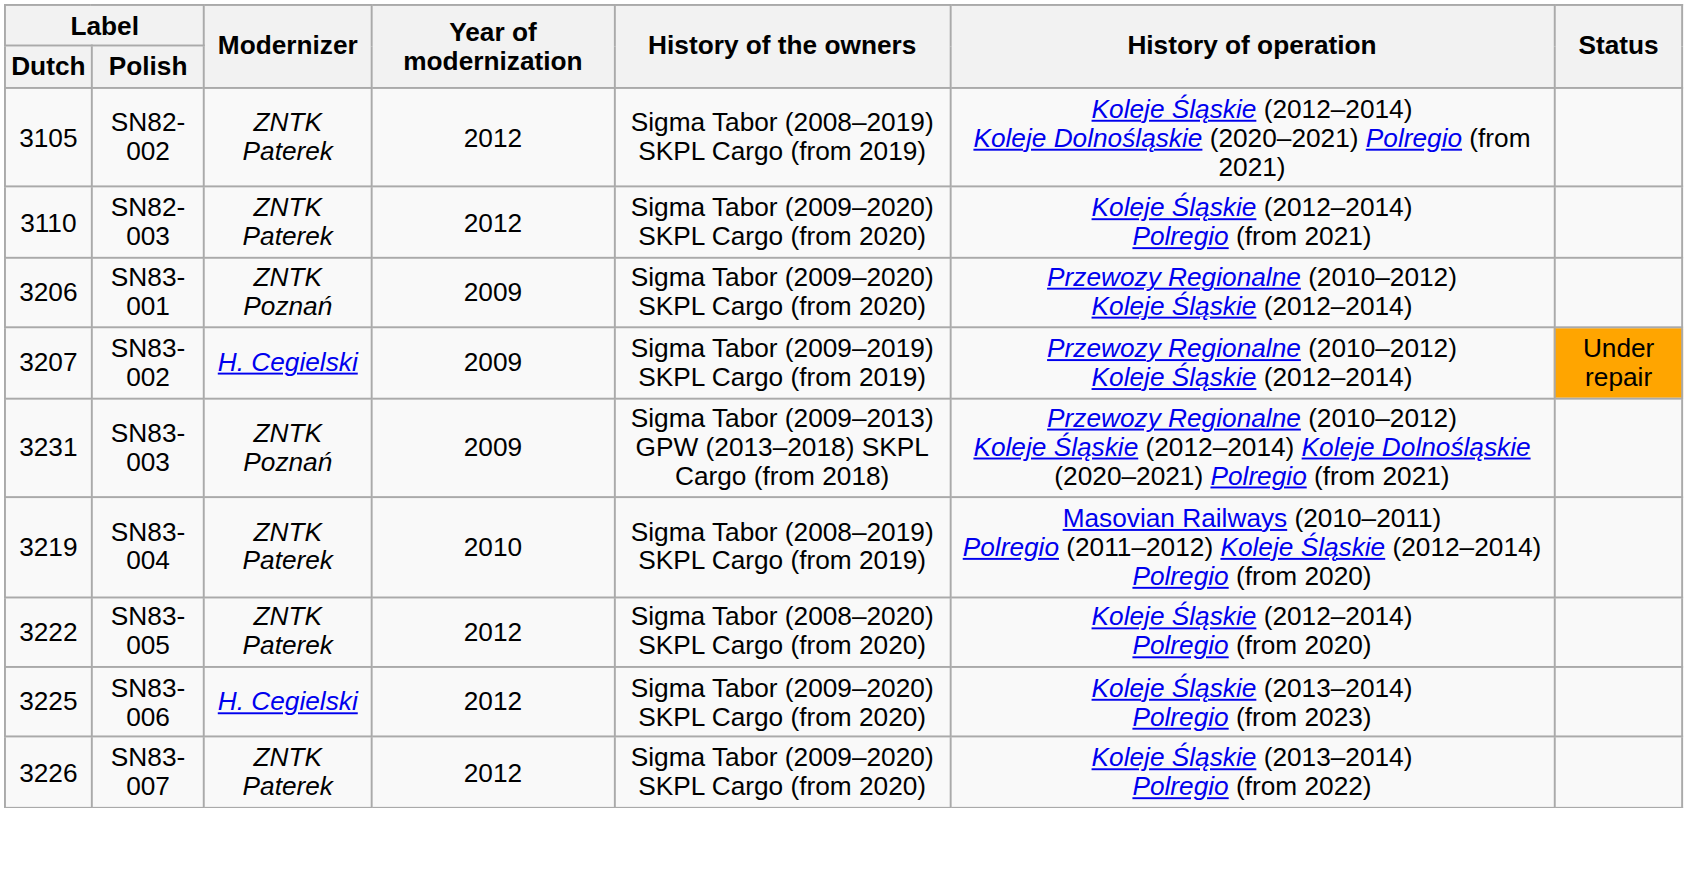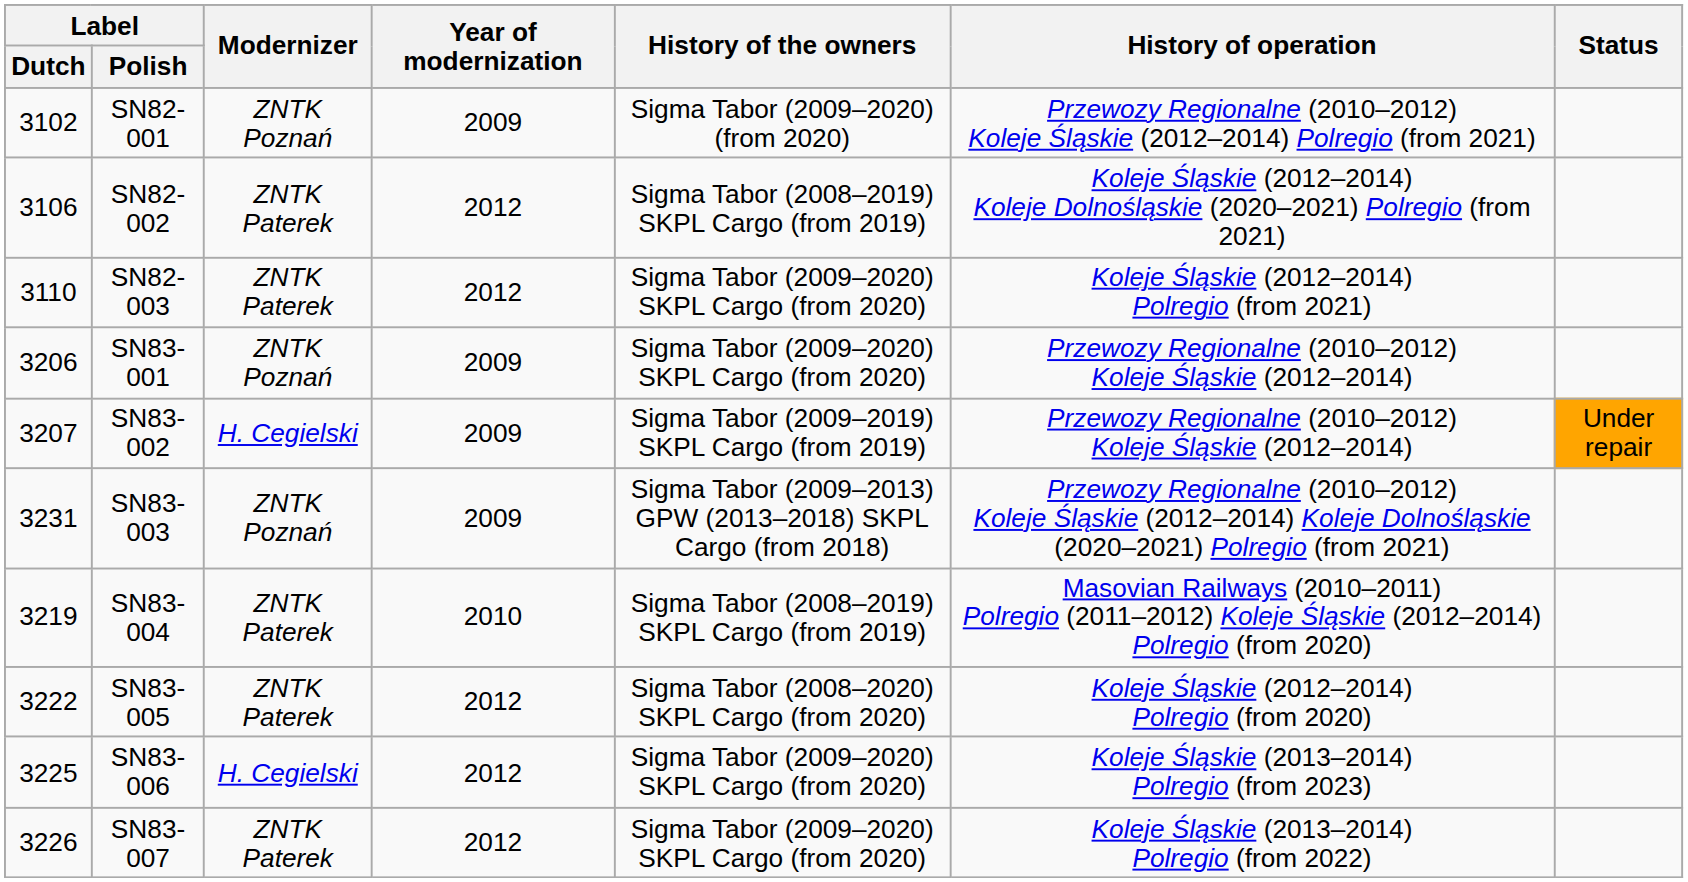 <table class="wikitable sortable" style="text-align:center; font-size:85%;">
 <tr>
 <th colspan="2">Label</th>
 <th rowspan="2">Modernizer</th>
 <th rowspan="2">Year of modernization</th>
 <th rowspan="2">History of the owners</th>
 <th rowspan="2">History of operation</th>
 <th rowspan="2">Status</th>
 </tr>
 <tr>
 <th>Dutch</th>
 <th>Polish</th>
 </tr>
 <tr>
-<td>3105</td>
+<td>3102</td>
+<td>SN82-001</td>
+<td><em>ZNTK Poznań</em></td>
+<td>2009</td>
+<td>Sigma Tabor (2009–2020)<br> (from 2020)</td>
+<td><em><a href='#'>Przewozy Regionalne</a></em> (2010–2012)<br><em><a href='#'>Koleje Śląskie</a></em> (2012–2014) <em><a href='#'>Polregio</a></em> (from 2021)</td>
+<td></td>
+</tr>
+<tr>
+<td>3106</td>
 <td>SN82-002</td>
 <td><em>ZNTK Paterek</em></td>
 <td>2012</td>
 <td>Sigma Tabor (2008–2019)<br>SKPL Cargo (from 2019)</td>
 <td><em><a href='#'>Koleje Śląskie</a></em> (2012–2014)<br><em><a href='#'>Koleje Dolnośląskie</a></em> (2020–2021) <em><a href='#'>Polregio</a></em> (from 2021)</td>
 <td></td>
 </tr>
 <tr>
 <td>3110</td>
 <td>SN82-003</td>
 <td><em>ZNTK Paterek</em></td>
 <td>2012</td>
 <td>Sigma Tabor (2009–2020)<br>SKPL Cargo (from 2020)</td>
 <td><em><a href='#'>Koleje Śląskie</a></em> (2012–2014)<br><em><a href='#'>Polregio</a></em> (from 2021)</td>
 <td></td>
 </tr>
 <tr>
 <td>3206</td>
 <td>SN83-001</td>
 <td><em>ZNTK Poznań</em></td>
 <td>2009</td>
 <td>Sigma Tabor (2009–2020)<br>SKPL Cargo (from 2020)</td>
 <td><em><a href='#'>Przewozy Regionalne</a></em> (2010–2012)<br><em><a href='#'>Koleje Śląskie</a></em> (2012–2014)</td>
 <td></td>
 </tr>
 <tr>
 <td>3207</td>
 <td>SN83-002</td>
 <td><em><a href='#'>H. Cegielski</a></em></td>
 <td>2009</td>
 <td>Sigma Tabor (2009–2019)<br>SKPL Cargo (from 2019)</td>
 <td><em><a href='#'>Przewozy Regionalne</a></em> (2010–2012)<br><em><a href='#'>Koleje Śląskie</a></em> (2012–2014)</td>
 <td style="background:Orange">Under repair</td>
 </tr>
 <tr>
 <td>3231</td>
 <td>SN83-003</td>
 <td><em>ZNTK Poznań</em></td>
 <td>2009</td>
 <td>Sigma Tabor (2009–2013)<br>GPW (2013–2018) SKPL Cargo (from 2018)</td>
 <td><em><a href='#'>Przewozy Regionalne</a></em> (2010–2012)<br><em><a href='#'>Koleje Śląskie</a></em> (2012–2014) <em><a href='#'>Koleje Dolnośląskie</a></em> (2020–2021) <em><a href='#'>Polregio</a></em> (from 2021)</td>
 <td></td>
 </tr>
 <tr>
 <td>3219</td>
 <td>SN83-004</td>
 <td><em>ZNTK Paterek</em></td>
 <td>2010</td>
 <td>Sigma Tabor (2008–2019)<br>SKPL Cargo (from 2019)</td>
 <td><a href='#'>Masovian Railways</a> (2010–2011)<br><em><a href='#'>Polregio</a></em> (2011–2012) <em><a href='#'>Koleje Śląskie</a></em> (2012–2014) <em><a href='#'>Polregio</a></em> (from 2020)</td>
 <td></td>
 </tr>
 <tr>
 <td>3222</td>
 <td>SN83-005</td>
 <td><em>ZNTK Paterek</em></td>
 <td>2012</td>
 <td>Sigma Tabor (2008–2020)<br>SKPL Cargo (from 2020)</td>
 <td><em><a href='#'>Koleje Śląskie</a></em> (2012–2014)<br><em><a href='#'>Polregio</a></em> (from 2020)</td>
 <td></td>
 </tr>
 <tr>
 <td>3225</td>
 <td>SN83-006</td>
 <td><em><a href='#'>H. Cegielski</a></em></td>
 <td>2012</td>
 <td>Sigma Tabor (2009–2020)<br>SKPL Cargo (from 2020)</td>
 <td><em><a href='#'>Koleje Śląskie</a></em> (2013–2014)<br><em><a href='#'>Polregio</a></em> (from 2023)</td>
 <td></td>
 </tr>
 <tr>
 <td>3226</td>
 <td>SN83-007</td>
 <td><em>ZNTK Paterek</em></td>
 <td>2012</td>
 <td>Sigma Tabor (2009–2020)<br>SKPL Cargo (from 2020)</td>
 <td><em><a href='#'>Koleje Śląskie</a></em> (2013–2014)<br><em><a href='#'>Polregio</a></em> (from 2022)</td>
 <td></td>
 </tr>
 </table>
